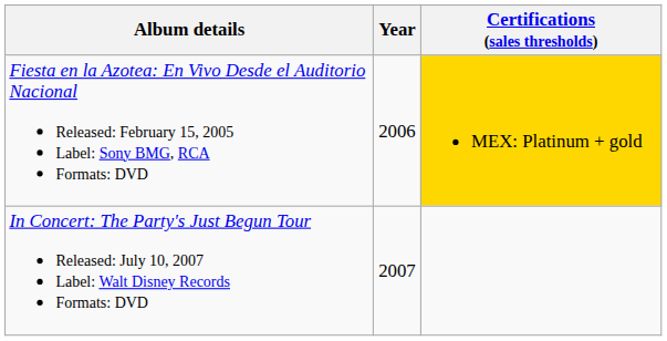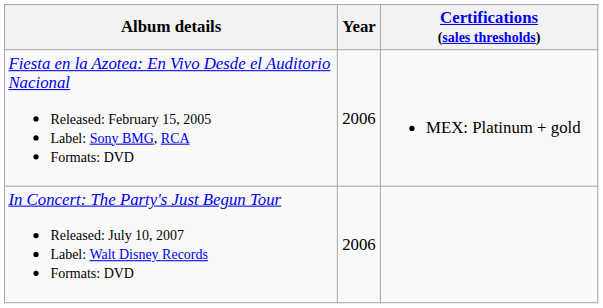 <table class="wikitable">
 <tr>
 <th width="310">Album details</th>
 <th width="33">Year</th>
 <th width="200"><a href='#'>Certifications</a><br><small>(<a href='#'>sales thresholds</a>)</small></th>
 </tr>
 <tr>
 <td align="left"><em><a href='#'>Fiesta en la Azotea: En Vivo Desde el Auditorio Nacional</a></em><br><ul><li><small>Released: February 15, 2005</small></li><li><small>Label: <a href='#'>Sony BMG</a>, <a href='#'>RCA</a></small></li><li><small>Formats: DVD</small></li></ul></td>
 <td align="center">2006</td>
-<td style="background: gold;"><br><ul><li>MEX: Platinum + gold</li></ul></td>
+<td><br><ul><li>MEX: Platinum + gold</li></ul></td>
 </tr>
 <tr>
 <td align="left"><em><a href='#'>In Concert: The Party's Just Begun Tour</a></em><br><ul><li><small>Released: July 10, 2007</small></li><li><small>Label: <a href='#'>Walt Disney Records</a></small></li><li><small>Formats: DVD</small></li></ul></td>
-<td align="center">2007</td>
+<td align="center">2006</td>
 <td></td>
 </tr>
 </table>
